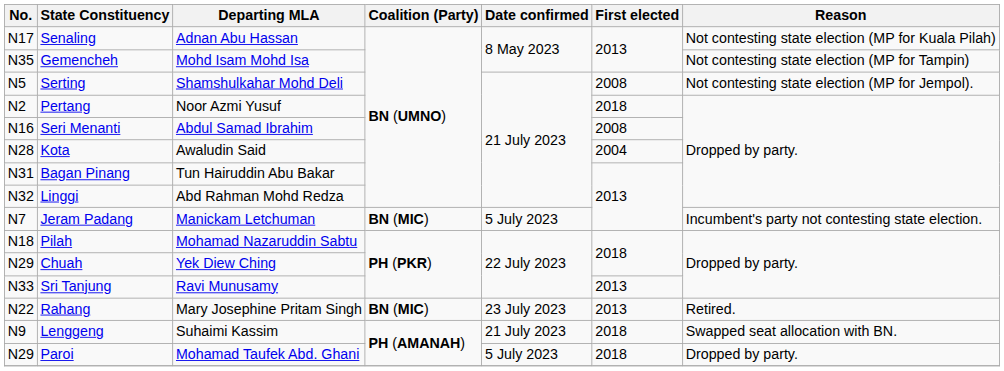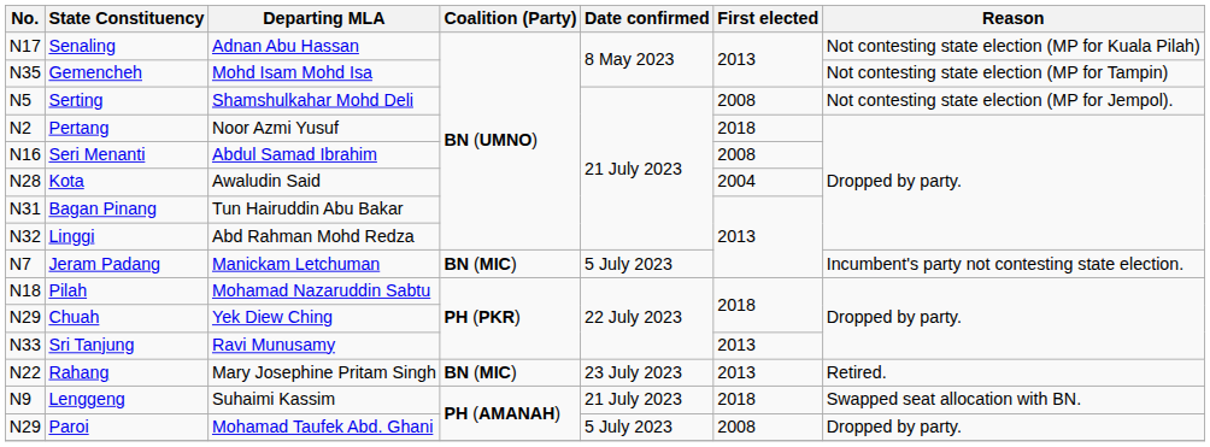 <table class="wikitable">
 <tr>
 <th>No.</th>
 <th>State Constituency</th>
 <th>Departing MLA</th>
 <th>Coalition (Party)</th>
 <th>Date confirmed</th>
 <th>First elected</th>
 <th>Reason</th>
 </tr>
 <tr>
 <td>N17</td>
 <td><a href='#'>Senaling</a></td>
 <td><a href='#'>Adnan Abu Hassan</a></td>
 <td rowspan="8"><strong>BN</strong> (<strong>UMNO</strong>)</td>
 <td rowspan="2">8 May 2023</td>
 <td rowspan="2">2013</td>
 <td>Not contesting state election (MP for Kuala Pilah)</td>
 </tr>
 <tr>
 <td>N35</td>
 <td><a href='#'>Gemencheh</a></td>
 <td><a href='#'>Mohd Isam Mohd Isa</a></td>
 <td>Not contesting state election (MP for Tampin)</td>
 </tr>
 <tr>
 <td>N5</td>
 <td><a href='#'>Serting</a></td>
 <td><a href='#'>Shamshulkahar Mohd Deli</a></td>
 <td rowspan="6">21 July 2023</td>
 <td>2008</td>
 <td>Not contesting state election (MP for Jempol).</td>
 </tr>
 <tr>
 <td>N2</td>
 <td><a href='#'>Pertang</a></td>
 <td>Noor Azmi Yusuf</td>
 <td>2018</td>
 <td rowspan="5">Dropped by party.</td>
 </tr>
 <tr>
 <td>N16</td>
 <td><a href='#'>Seri Menanti</a></td>
 <td><a href='#'>Abdul Samad Ibrahim</a></td>
 <td>2008</td>
 </tr>
 <tr>
 <td>N28</td>
 <td><a href='#'>Kota</a></td>
 <td>Awaludin Said</td>
 <td>2004</td>
 </tr>
 <tr>
 <td>N31</td>
 <td><a href='#'>Bagan Pinang</a></td>
 <td>Tun Hairuddin Abu Bakar</td>
 <td rowspan="3">2013</td>
 </tr>
 <tr>
 <td>N32</td>
 <td><a href='#'>Linggi</a></td>
 <td>Abd Rahman Mohd Redza</td>
 </tr>
 <tr>
 <td>N7</td>
 <td><a href='#'>Jeram Padang</a></td>
 <td><a href='#'>Manickam Letchuman</a></td>
 <td><strong>BN</strong> (<strong>MIC</strong>)</td>
 <td>5 July 2023</td>
 <td>Incumbent's party not contesting state election.</td>
 </tr>
 <tr>
 <td>N18</td>
 <td><a href='#'>Pilah</a></td>
 <td><a href='#'>Mohamad Nazaruddin Sabtu</a></td>
 <td rowspan=3><strong>PH</strong> (<strong>PKR</strong>)</td>
 <td rowspan="3">22 July 2023</td>
 <td rowspan="2">2018</td>
 <td rowspan="3">Dropped by party.</td>
 </tr>
 <tr>
 <td>N29</td>
 <td><a href='#'>Chuah</a></td>
 <td><a href='#'>Yek Diew Ching</a></td>
 </tr>
 <tr>
 <td>N33</td>
 <td><a href='#'>Sri Tanjung</a></td>
 <td><a href='#'>Ravi Munusamy</a></td>
 <td>2013</td>
 </tr>
 <tr>
 <td>N22</td>
 <td><a href='#'>Rahang</a></td>
 <td>Mary Josephine Pritam Singh</td>
 <td><strong>BN</strong> (<strong>MIC</strong>)</td>
 <td>23 July 2023</td>
 <td>2013</td>
 <td>Retired.</td>
 </tr>
 <tr>
 <td>N9</td>
 <td><a href='#'>Lenggeng</a></td>
 <td>Suhaimi Kassim</td>
 <td rowspan=2><strong>PH</strong> (<strong>AMANAH</strong>)</td>
 <td>21 July 2023</td>
 <td>2018</td>
 <td>Swapped seat allocation with BN.</td>
 </tr>
 <tr>
 <td>N29</td>
 <td><a href='#'>Paroi</a></td>
 <td><a href='#'>Mohamad Taufek Abd. Ghani</a></td>
 <td>5 July 2023</td>
-<td>2018</td>
+<td>2008</td>
 <td>Dropped by party.</td>
 </tr>
 <tr>
 </tr>
 </table>
